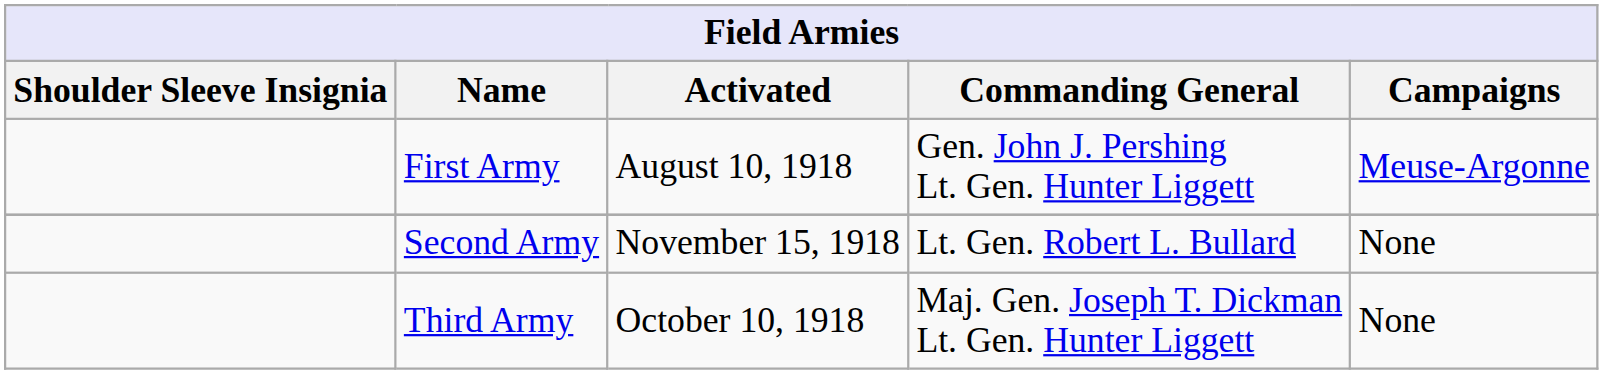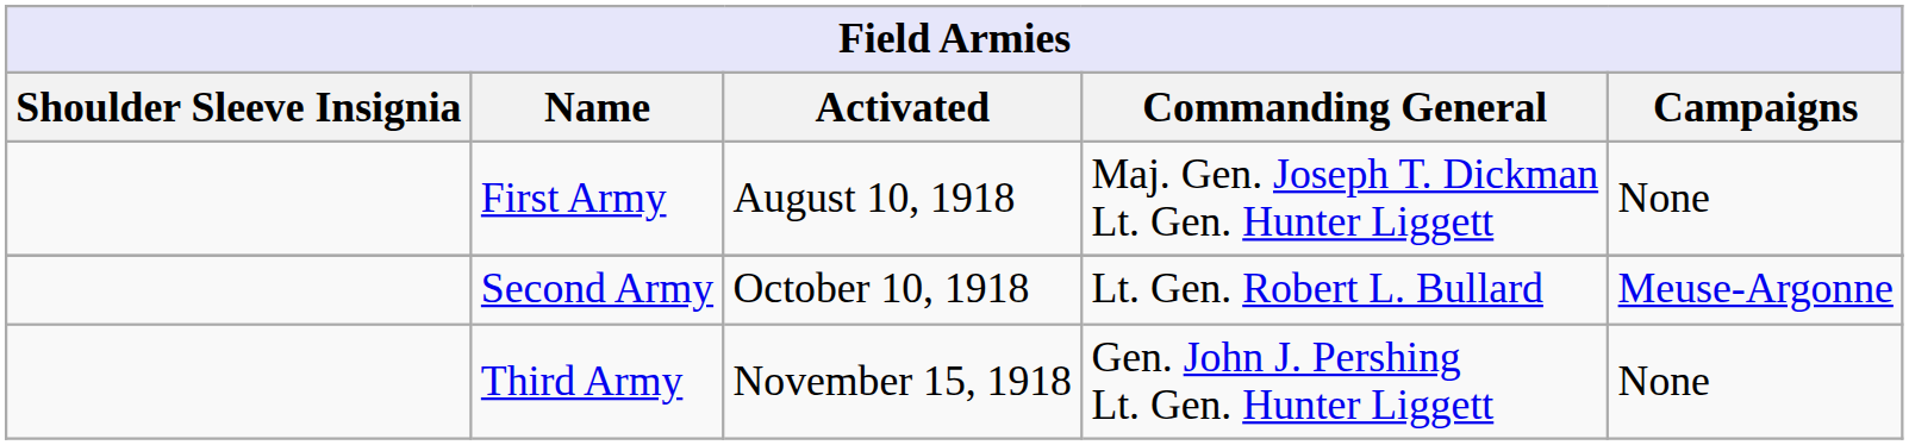 <table class="wikitable">
 <tr>
 <th style="align: center; background: lavender;" colspan="9">Field Armies</th>
 </tr>
 <tr>
 <th style="text-align: center; ">Shoulder Sleeve Insignia</th>
 <th style="text-align: center; ">Name</th>
 <th style="text-align: center; ">Activated</th>
 <th style="text-align: center; ">Commanding General</th>
 <th style="text-align: center; ">Campaigns</th>
 </tr>
 <tr>
 <td></td>
 <td><a href='#'>First Army</a></td>
 <td>August 10, 1918</td>
-<td>Gen. <a href='#'>John J. Pershing</a><br>Lt. Gen. <a href='#'>Hunter Liggett</a></td>
-<td><a href='#'>Meuse-Argonne</a></td>
+<td>Maj. Gen. <a href='#'>Joseph T. Dickman</a><br>Lt. Gen. <a href='#'>Hunter Liggett</a></td>
+<td>None</td>
 </tr>
 <tr>
 </tr>
 <tr>
 <td></td>
 <td><a href='#'>Second Army</a></td>
-<td>November 15, 1918</td>
+<td>October 10, 1918</td>
 <td>Lt. Gen. <a href='#'>Robert L. Bullard</a></td>
-<td>None</td>
+<td><a href='#'>Meuse-Argonne</a></td>
 </tr>
 <tr>
 <td></td>
 <td><a href='#'>Third Army</a></td>
-<td>October 10, 1918</td>
-<td>Maj. Gen. <a href='#'>Joseph T. Dickman</a><br>Lt. Gen. <a href='#'>Hunter Liggett</a></td>
+<td>November 15, 1918</td>
+<td>Gen. <a href='#'>John J. Pershing</a><br>Lt. Gen. <a href='#'>Hunter Liggett</a></td>
 <td>None</td>
 </tr>
 </table>
